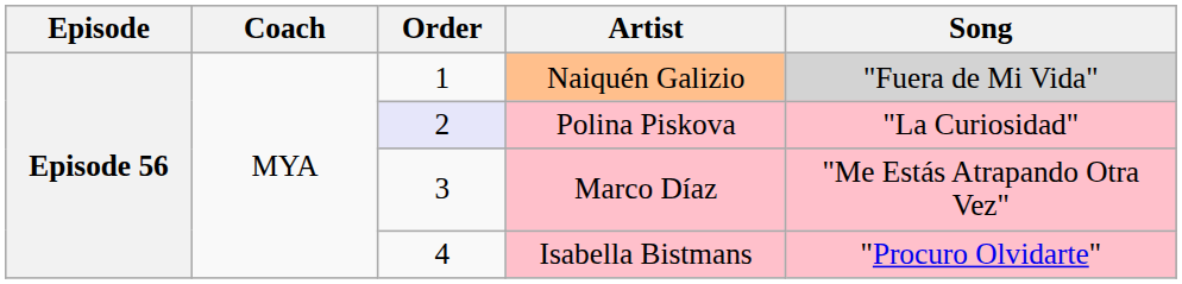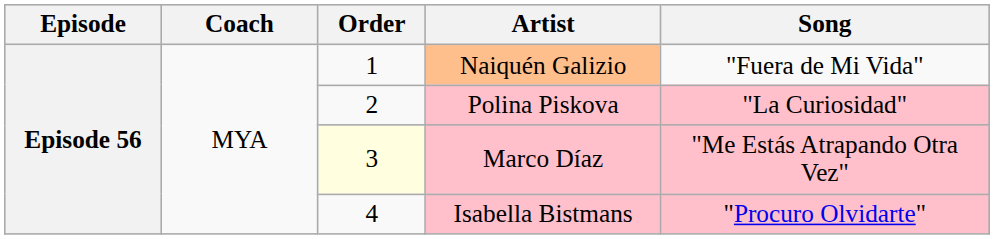 <table class="wikitable" style="text-align:center; width:100%">
 <tr>
 <th style="width:10%">Episode</th>
 <th style="width:10%">Coach</th>
 <th style="width:05%">Order</th>
 <th style="width:15%">Artist</th>
 <th style="width:21%">Song</th>
 </tr>
 <tr>
 <th rowspan="4">Episode 56<br></th>
 <td rowspan="4">MYA</td>
 <td>1</td>
 <td style="background:#ffbf8c">Naiquén Galizio</td>
-<td style="background: lightgrey;">"Fuera de Mi Vida"</td>
+<td>"Fuera de Mi Vida"</td>
 </tr>
 <tr>
-<td style="background: lavender;">2</td>
+<td>2</td>
 <td style="background:pink">Polina Piskova</td>
 <td style="background:pink">"La Curiosidad"</td>
 </tr>
 <tr>
-<td>3</td>
+<td style="background: lightyellow;">3</td>
 <td style="background:pink">Marco Díaz</td>
 <td style="background:pink">"Me Estás Atrapando Otra Vez"</td>
 </tr>
 <tr>
 <td>4</td>
 <td style="background:pink">Isabella Bistmans</td>
 <td style="background:pink">"<a href='#'>Procuro Olvidarte</a>"</td>
 </tr>
 </table>
